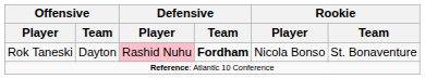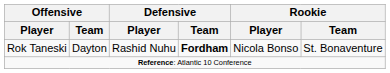 <table class="wikitable">
 <tr>
 <th colspan="2">Offensive</th>
 <th colspan="2">Defensive</th>
 <th colspan="2">Rookie</th>
 </tr>
 <tr>
 <th>Player</th>
 <th>Team</th>
 <th>Player</th>
 <th>Team</th>
 <th>Player</th>
 <th>Team</th>
 </tr>
 <tr>
 <td>Rok Taneski</td>
 <td>Dayton</td>
-<td style="background: pink;">Rashid Nuhu</td>
+<td>Rashid Nuhu</td>
 <td><strong>Fordham</strong></td>
 <td>Nicola Bonso</td>
 <td>St. Bonaventure</td>
 </tr>
 <tr>
 <td colspan="12"  style="font-size:8pt; text-align:center;"><strong>Reference</strong>: Atlantic 10 Conference</td>
 </tr>
 </table>
